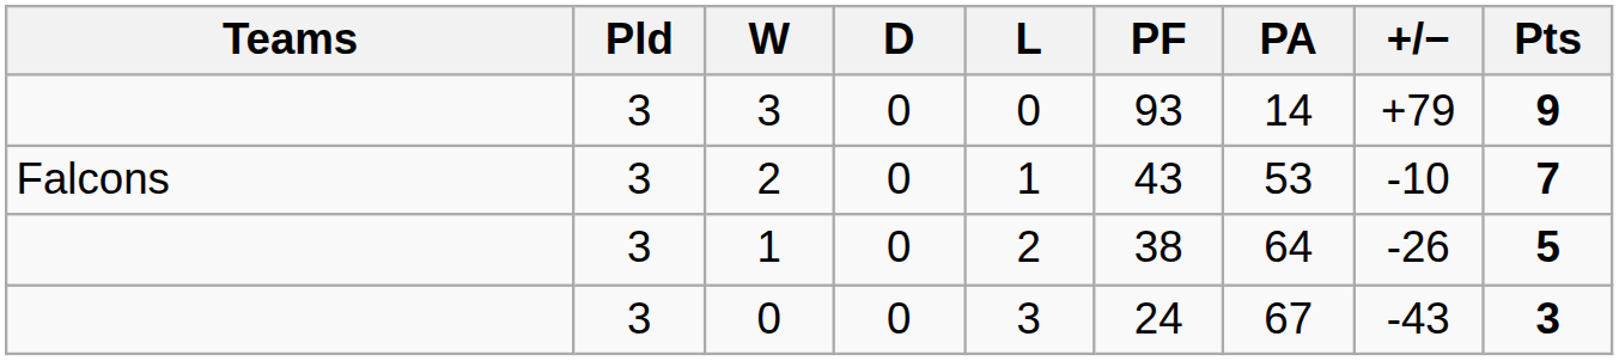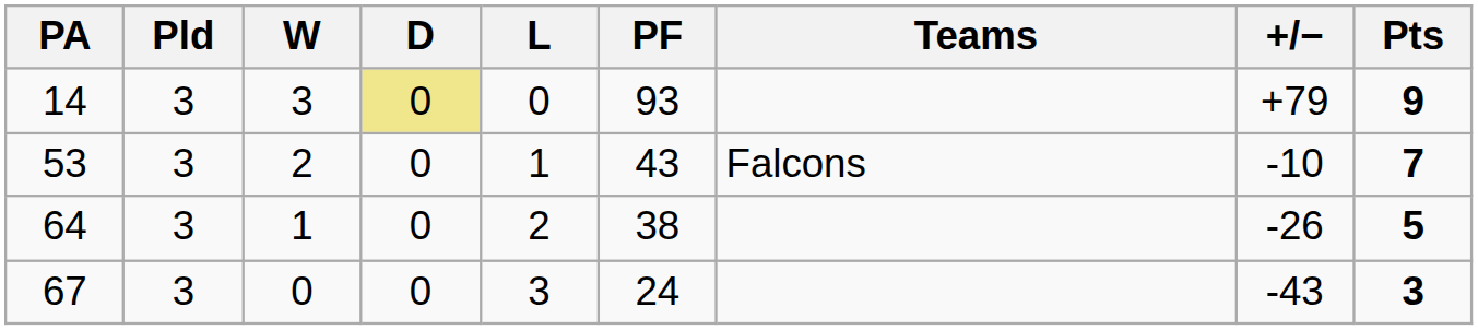 <table class="wikitable" style="text-align: center;">
 <tr>
-<th width="200">Teams</th>
+<th width="40">PA</th>
 <th width="40">Pld</th>
 <th width="40">W</th>
 <th width="40">D</th>
 <th width="40">L</th>
 <th width="40">PF</th>
-<th width="40">PA</th>
+<th width="200">Teams</th>
 <th width="40">+/−</th>
 <th width="40">Pts</th>
 </tr>
 <tr>
-<td align=left></td>
+<td>14</td>
 <td>3</td>
 <td>3</td>
-<td>0</td>
+<td style="background: khaki;">0</td>
 <td>0</td>
 <td>93</td>
-<td>14</td>
+<td align=left></td>
 <td>+79</td>
 <td><strong>9</strong></td>
 </tr>
 <tr>
-<td align=left> Falcons</td>
+<td>53</td>
 <td>3</td>
 <td>2</td>
 <td>0</td>
 <td>1</td>
 <td>43</td>
-<td>53</td>
+<td align=left> Falcons</td>
 <td>-10</td>
 <td><strong>7</strong></td>
 </tr>
 <tr>
-<td align=left></td>
+<td>64</td>
 <td>3</td>
 <td>1</td>
 <td>0</td>
 <td>2</td>
 <td>38</td>
-<td>64</td>
+<td align=left></td>
 <td>-26</td>
 <td><strong>5</strong></td>
 </tr>
 <tr>
-<td align=left></td>
+<td>67</td>
 <td>3</td>
 <td>0</td>
 <td>0</td>
 <td>3</td>
 <td>24</td>
-<td>67</td>
+<td align=left></td>
 <td>-43</td>
 <td><strong>3</strong></td>
 </tr>
 </table>
